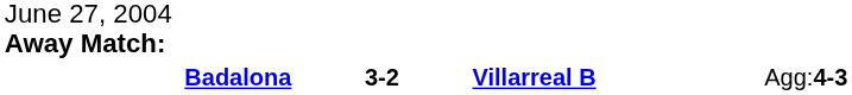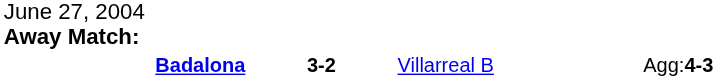 <table width=100% cellspacing=1>
 <tr>
 <th width=20%></th>
 <th width=12%></th>
 <th width=20%></th>
 <th></th>
 </tr>
 <tr>
 <td>June 27, 2004<br><strong>Away Match:</strong></td>
 </tr>
 <tr style=font-size:90%>
 <td align=right><strong><a href='#'>Badalona</a></strong></td>
 <td align=center><strong>3-2</strong></td>
-<td><strong><a href='#'>Villarreal B</a></strong></td>
+<td><a href='#'>Villarreal B</a></td>
 <td>Agg:<strong>4-3</strong></td>
 </tr>
 </table>
